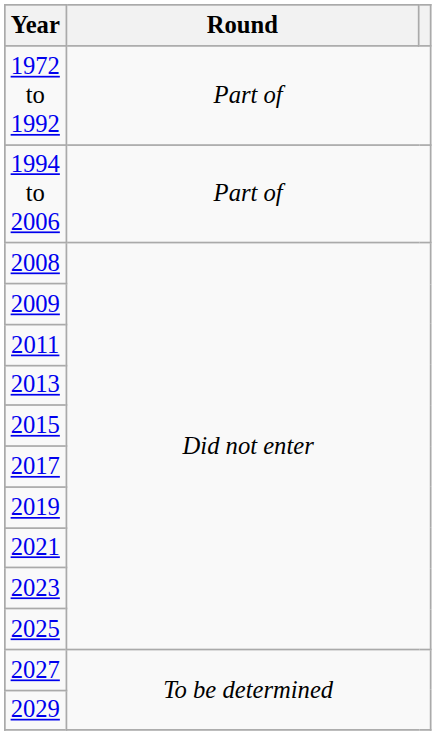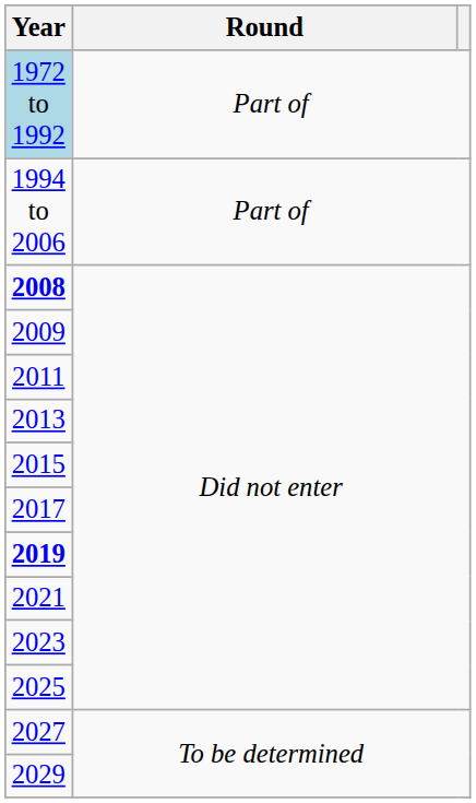 <table class="wikitable" style="text-align: center; font-size:90%">
 <tr>
 <th>Year</th>
 <th style="width:200px">Round</th>
 <th></th>
 </tr>
 <tr>
-<td><a href='#'>1972</a><br>to<br><a href='#'>1992</a></td>
+<td style="background: lightblue;"><a href='#'>1972</a><br>to<br><a href='#'>1992</a></td>
 <td colspan="2"><em>Part of </em></td>
 </tr>
 <tr>
 <td><a href='#'>1994</a><br>to<br><a href='#'>2006</a></td>
 <td colspan="2"><em>Part of </em></td>
 </tr>
 <tr>
-<td><a href='#'>2008</a></td>
+<td><strong><a href='#'>2008</a></strong></td>
 <td colspan="2" rowspan="10"><em>Did not enter</em></td>
 </tr>
 <tr>
 <td><a href='#'>2009</a></td>
 </tr>
 <tr>
 <td><a href='#'>2011</a></td>
 </tr>
 <tr>
 <td><a href='#'>2013</a></td>
 </tr>
 <tr>
 <td><a href='#'>2015</a></td>
 </tr>
 <tr>
 <td><a href='#'>2017</a></td>
 </tr>
 <tr>
-<td><a href='#'>2019</a></td>
+<td><strong><a href='#'>2019</a></strong></td>
 </tr>
 <tr>
 <td><a href='#'>2021</a></td>
 </tr>
 <tr>
 <td><a href='#'>2023</a></td>
 </tr>
 <tr>
 <td><a href='#'>2025</a></td>
 </tr>
 <tr>
 <td><a href='#'>2027</a></td>
 <td colspan="2" rowspan="2"><em>To be determined</em></td>
 </tr>
 <tr>
 <td><a href='#'>2029</a></td>
 </tr>
 </table>
